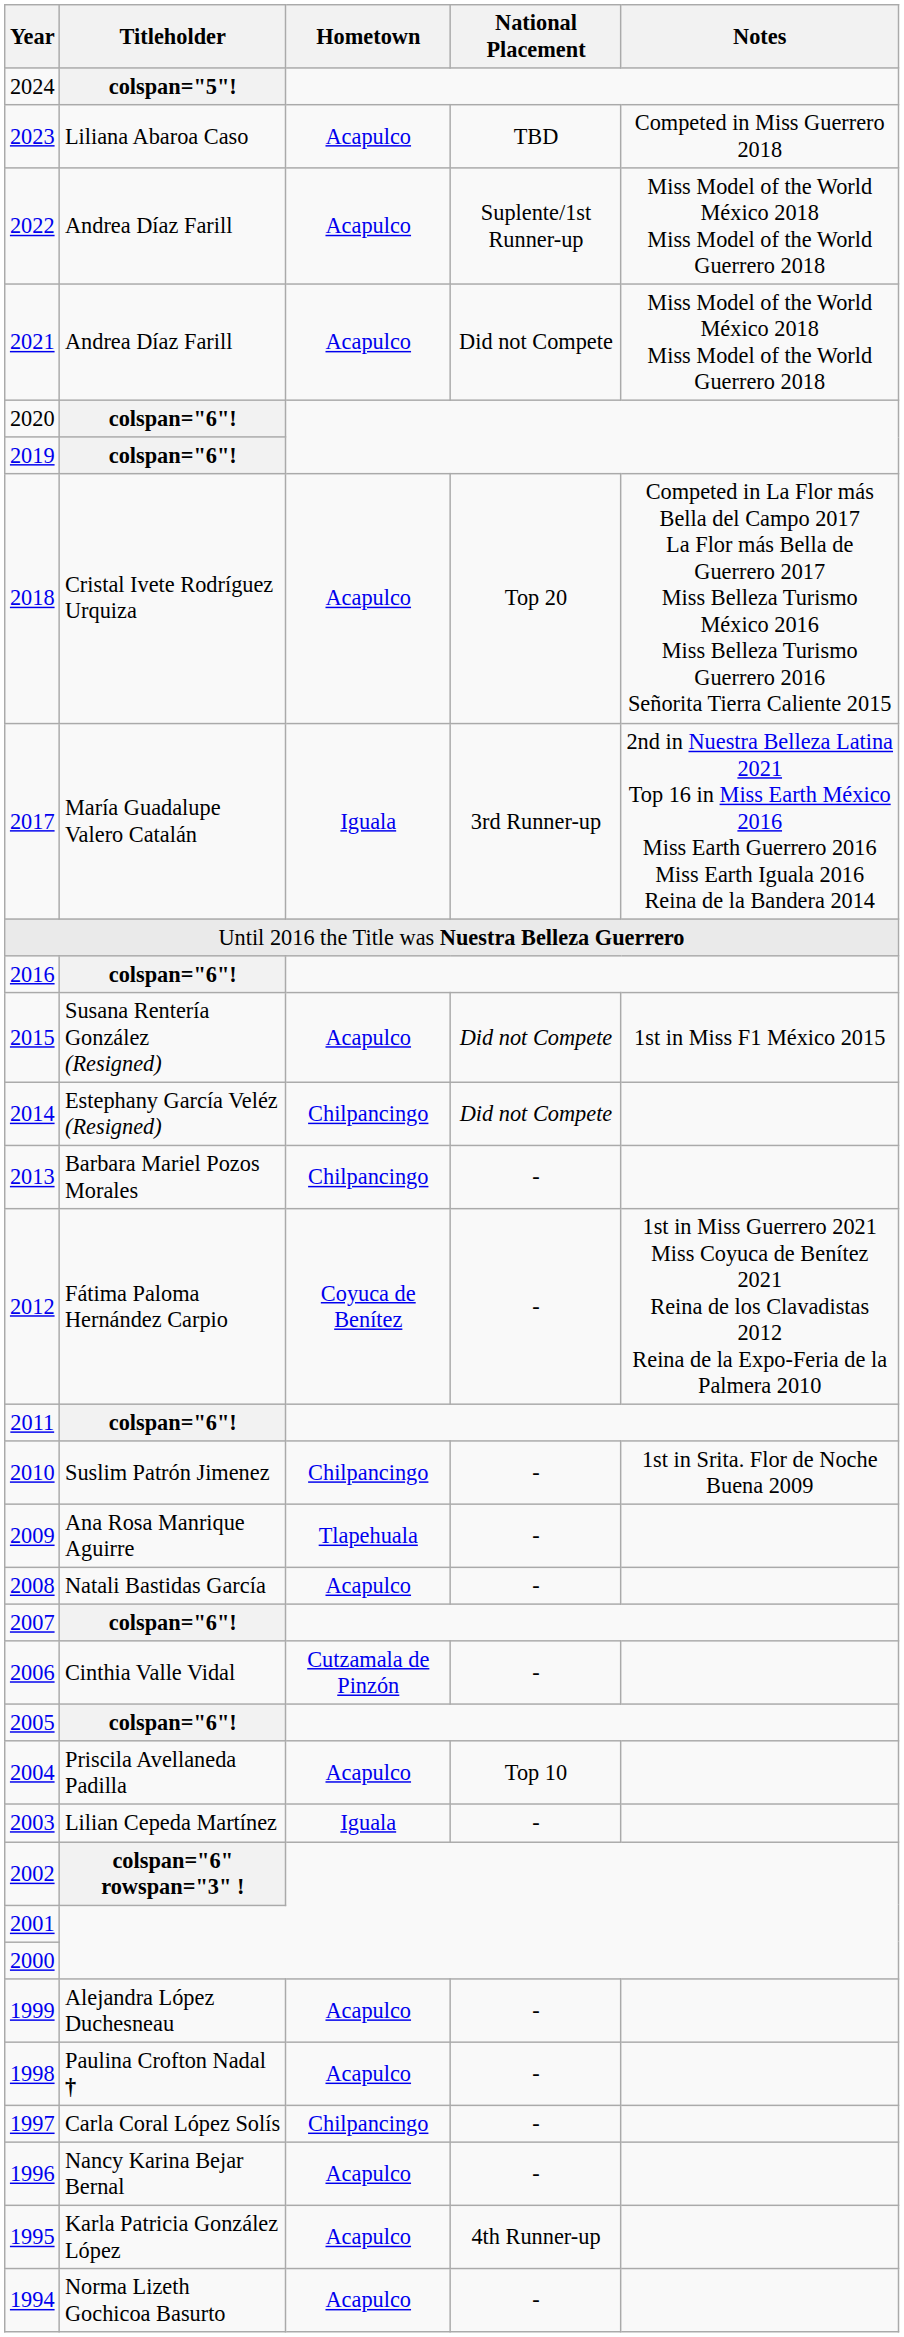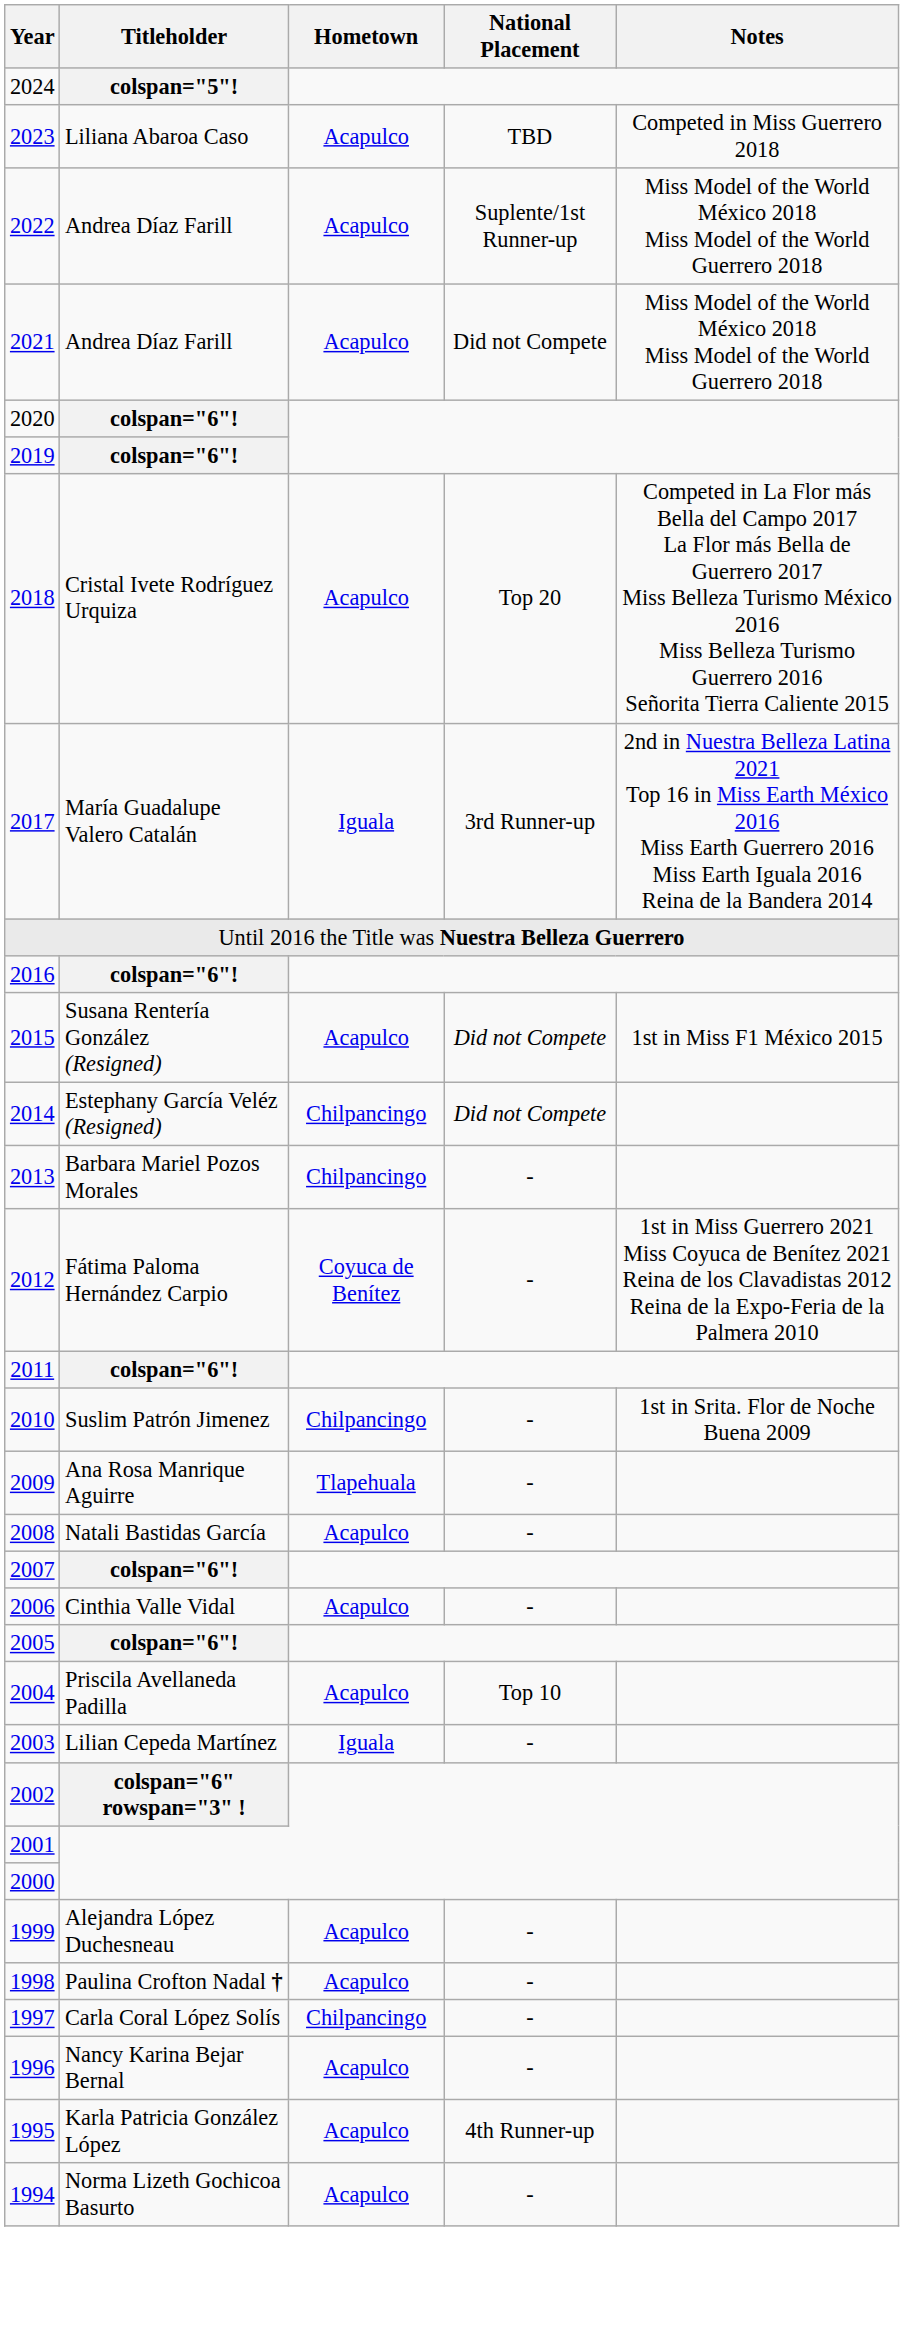 <table class="wikitable sortable" style="font-size:95%;">
 <tr>
 <th>Year</th>
 <th>Titleholder</th>
 <th>Hometown</th>
 <th>National Placement</th>
 <th>Notes</th>
 </tr>
 <tr>
 <td align="center">2024</td>
 <th>colspan="5"!</th>
 </tr>
 <tr>
 <td align="center"><a href='#'>2023</a></td>
 <td>Liliana Abaroa Caso</td>
 <td align="center"><a href='#'>Acapulco</a></td>
 <td align="center">TBD</td>
 <td align="center">Competed in Miss Guerrero 2018</td>
 </tr>
 <tr>
 <td align="center"><a href='#'>2022</a></td>
 <td>Andrea Díaz Farill</td>
 <td align="center"><a href='#'>Acapulco</a></td>
 <td align="center">Suplente/1st Runner-up</td>
 <td align="center">Miss Model of the World México 2018<br>Miss Model of the World Guerrero 2018</td>
 </tr>
 <tr>
 <td align="center"><a href='#'>2021</a></td>
 <td>Andrea Díaz Farill</td>
 <td align="center"><a href='#'>Acapulco</a></td>
 <td align="center">Did not Compete</td>
 <td align="center">Miss Model of the World México 2018<br>Miss Model of the World Guerrero 2018</td>
 </tr>
 <tr>
 <td align="center">2020</td>
 <th>colspan="6"!</th>
 </tr>
 <tr>
 <td align="center"><a href='#'>2019</a></td>
 <th>colspan="6"!</th>
 </tr>
 <tr>
 <td align="center"><a href='#'>2018</a></td>
 <td>Cristal Ivete Rodríguez Urquiza</td>
 <td align="center"><a href='#'>Acapulco</a></td>
 <td align="center">Top 20</td>
 <td align="center">Competed in La Flor más Bella del Campo 2017<br>La Flor más Bella de Guerrero 2017<br>Miss Belleza Turismo México 2016<br>Miss Belleza Turismo Guerrero 2016<br>Señorita Tierra Caliente 2015</td>
 </tr>
 <tr>
 <td align="center"><a href='#'>2017</a></td>
 <td>María Guadalupe Valero Catalán</td>
 <td align="center"><a href='#'>Iguala</a></td>
 <td align="center">3rd Runner-up</td>
 <td align="center">2nd in <a href='#'>Nuestra Belleza Latina 2021</a><br>Top 16 in <a href='#'>Miss Earth México 2016</a><br>Miss Earth Guerrero 2016<br>Miss Earth Iguala 2016<br>Reina de la Bandera 2014</td>
 </tr>
 <tr>
 <td colspan="7" bgcolor="#EAEAEA" style="text-align:center;">Until 2016 the Title was <strong>Nuestra Belleza Guerrero</strong></td>
 </tr>
 <tr>
 <td align="center"><a href='#'>2016</a></td>
 <th>colspan="6"!</th>
 </tr>
 <tr>
 <td align="center"><a href='#'>2015</a></td>
 <td>Susana Rentería González<br><em>(Resigned)</em></td>
 <td align="center"><a href='#'>Acapulco</a></td>
 <td align="center"><em>Did not Compete</em></td>
 <td align="center">1st in Miss F1 México 2015</td>
 </tr>
 <tr>
 <td align="center"><a href='#'>2014</a></td>
 <td>Estephany García Veléz<br><em>(Resigned)</em></td>
 <td align="center"><a href='#'>Chilpancingo</a></td>
 <td align="center"><em>Did not Compete</em></td>
 <td align="center"></td>
 </tr>
 <tr>
 <td align="center"><a href='#'>2013</a></td>
 <td>Barbara Mariel Pozos Morales</td>
 <td align="center"><a href='#'>Chilpancingo</a></td>
 <td align="center">-</td>
 <td align="center"></td>
 </tr>
 <tr>
 <td align="center"><a href='#'>2012</a></td>
 <td>Fátima Paloma Hernández Carpio</td>
 <td align="center"><a href='#'>Coyuca de Benítez</a></td>
 <td align="center">-</td>
 <td align="center">1st in Miss Guerrero 2021<br>Miss Coyuca de Benítez 2021<br>Reina de los Clavadistas 2012<br>Reina de la Expo-Feria de la Palmera 2010</td>
 </tr>
 <tr>
 <td align="center"><a href='#'>2011</a></td>
 <th>colspan="6"!</th>
 </tr>
 <tr>
 <td align="center"><a href='#'>2010</a></td>
 <td>Suslim Patrón Jimenez</td>
 <td align="center"><a href='#'>Chilpancingo</a></td>
 <td align="center">-</td>
 <td align="center">1st in Srita. Flor de Noche Buena 2009</td>
 </tr>
 <tr>
 <td align="center"><a href='#'>2009</a></td>
 <td>Ana Rosa Manrique Aguirre</td>
 <td align="center"><a href='#'>Tlapehuala</a></td>
 <td align="center">-</td>
 <td align="center"></td>
 </tr>
 <tr>
 <td align="center"><a href='#'>2008</a></td>
 <td>Natali Bastidas García</td>
 <td align="center"><a href='#'>Acapulco</a></td>
 <td align="center">-</td>
 <td align="center"></td>
 </tr>
 <tr>
 <td align="center"><a href='#'>2007</a></td>
 <th>colspan="6"!</th>
 </tr>
 <tr>
 <td align="center"><a href='#'>2006</a></td>
 <td>Cinthia Valle Vidal</td>
-<td align="center"><a href='#'>Cutzamala de Pinzón</a></td>
+<td align="center"><a href='#'>Acapulco</a></td>
 <td align="center">-</td>
 <td align="center"></td>
 </tr>
 <tr>
 <td align="center"><a href='#'>2005</a></td>
 <th>colspan="6"!</th>
 </tr>
 <tr>
 <td align="center"><a href='#'>2004</a></td>
 <td>Priscila Avellaneda Padilla</td>
 <td align="center"><a href='#'>Acapulco</a></td>
 <td align="center">Top 10</td>
 <td align="center"></td>
 </tr>
 <tr>
 <td align="center"><a href='#'>2003</a></td>
 <td>Lilian Cepeda Martínez</td>
 <td align="center"><a href='#'>Iguala</a></td>
 <td align="center">-</td>
 <td align="center"></td>
 </tr>
 <tr>
 <td align="center"><a href='#'>2002</a></td>
 <th>colspan="6" rowspan="3" !</th>
 </tr>
 <tr>
 <td align="center"><a href='#'>2001</a></td>
 </tr>
 <tr>
 <td align="center"><a href='#'>2000</a></td>
 </tr>
 <tr>
 <td align="center"><a href='#'>1999</a></td>
 <td>Alejandra López Duchesneau</td>
 <td align="center"><a href='#'>Acapulco</a></td>
 <td align="center">-</td>
 <td align="center"></td>
 </tr>
 <tr>
 <td align="center"><a href='#'>1998</a></td>
 <td>Paulina Crofton Nadal <strong>†</strong></td>
 <td align="center"><a href='#'>Acapulco</a></td>
 <td align="center">-</td>
 <td align="center"></td>
 </tr>
 <tr>
 <td align="center"><a href='#'>1997</a></td>
 <td>Carla Coral López Solís</td>
 <td align="center"><a href='#'>Chilpancingo</a></td>
 <td align="center">-</td>
 <td align="center"></td>
 </tr>
 <tr>
 <td align="center"><a href='#'>1996</a></td>
 <td>Nancy Karina Bejar Bernal</td>
 <td align="center"><a href='#'>Acapulco</a></td>
 <td align="center">-</td>
 <td align="center"></td>
 </tr>
 <tr>
 <td align="center"><a href='#'>1995</a></td>
 <td>Karla Patricia González López</td>
 <td align="center"><a href='#'>Acapulco</a></td>
 <td align="center">4th Runner-up</td>
 <td align="center"></td>
 </tr>
 <tr>
 <td align="center"><a href='#'>1994</a></td>
 <td>Norma Lizeth Gochicoa Basurto</td>
 <td align="center"><a href='#'>Acapulco</a></td>
 <td align="center">-</td>
 <td align="center"></td>
 </tr>
 </table>
